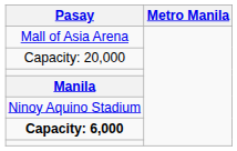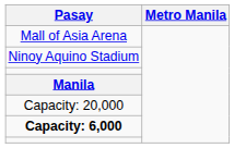 <table class="wikitable" style="text-align:center;margin:1em auto;">
 <tr>
 <th><a href='#'>Pasay</a></th>
 <th><a href='#'>Metro Manila</a></th>
 </tr>
 <tr>
 <td><a href='#'>Mall of Asia Arena</a></td>
 <td rowspan=7></td>
 </tr>
 <tr>
-<td>Capacity: 20,000</td>
+<td><a href='#'>Ninoy Aquino Stadium</a></td>
 </tr>
 <tr>
 <td></td>
 </tr>
 <tr>
 <th><a href='#'>Manila</a></th>
 </tr>
 <tr>
-<td><a href='#'>Ninoy Aquino Stadium</a></td>
+<td>Capacity: 20,000</td>
 </tr>
 <tr>
 <td><strong>Capacity: 6,000</strong></td>
 </tr>
 <tr>
 <td></td>
 </tr>
 </table>
